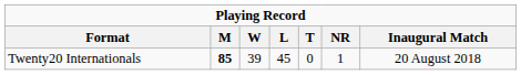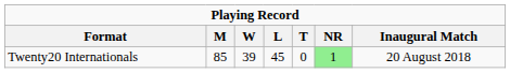 <table class="wikitable" style="text-align: center; width: 600px;">
 <tr>
 <td colspan=7 align="center"><strong>Playing Record</strong></td>
 </tr>
 <tr>
 <th>Format</th>
 <th>M</th>
 <th>W</th>
 <th>L</th>
 <th>T</th>
 <th>NR</th>
 <th>Inaugural Match</th>
 </tr>
 <tr>
 <td align="left">Twenty20 Internationals</td>
-<td><strong>85</strong></td>
+<td>85</td>
 <td>39</td>
 <td>45</td>
 <td>0</td>
-<td>1</td>
+<td style="background: lightgreen;">1</td>
 <td>20 August 2018</td>
 </tr>
 </table>
